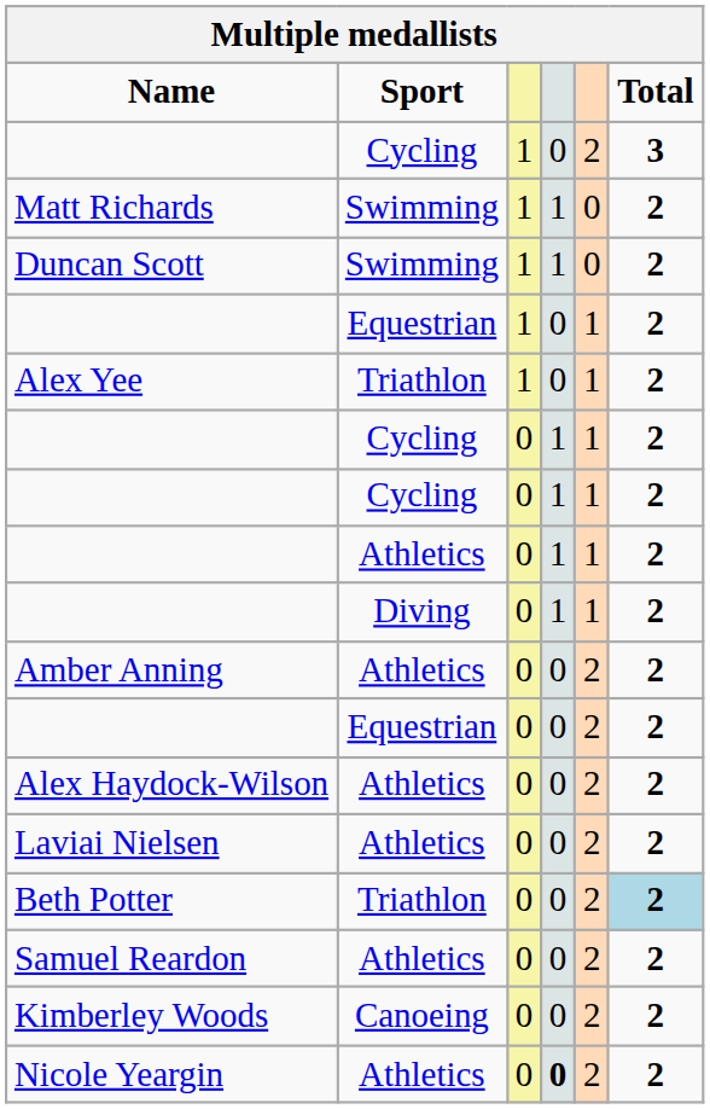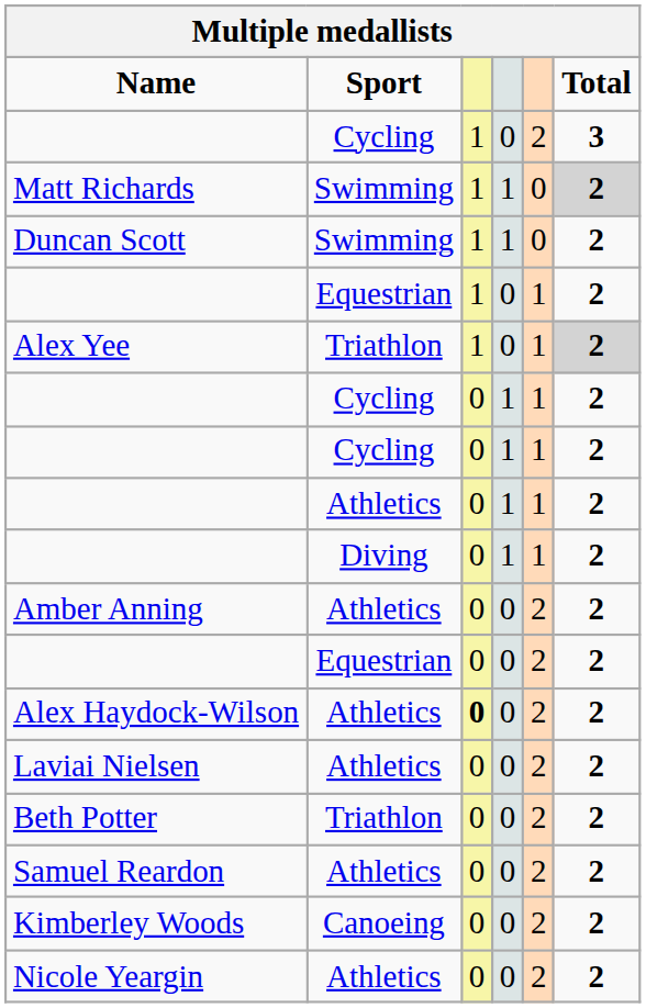 <table class="wikitable" style="font-size:85%">
 <tr style="background:#efefef;">
 <th colspan=7>Multiple medallists</th>
 </tr>
 <tr align=center>
 <td><strong>Name</strong></td>
 <td><strong>Sport</strong></td>
 <td bgcolor=#F7F6A8></td>
 <td bgcolor=#DCE5E5></td>
 <td bgcolor=#FFDAB9></td>
 <td><strong>Total</strong></td>
 </tr>
 <tr align=center>
 <td align=left></td>
 <td><a href='#'>Cycling</a></td>
 <td style="background:#F7F6A8;">1</td>
 <td style="background:#DCE5E5;">0</td>
 <td style="background:#FFDAB9;">2</td>
 <td><strong>3</strong></td>
 </tr>
 <tr align=center>
 <td align=left><a href='#'>Matt Richards</a></td>
 <td><a href='#'>Swimming</a></td>
 <td style="background:#F7F6A8;">1</td>
 <td style="background:#DCE5E5;">1</td>
 <td style="background:#FFDAB9;">0</td>
-<td><strong>2</strong></td>
+<td style="background: lightgrey;"><strong>2</strong></td>
 </tr>
 <tr align=center>
 <td align=left><a href='#'>Duncan Scott</a></td>
 <td><a href='#'>Swimming</a></td>
 <td style="background:#F7F6A8;">1</td>
 <td style="background:#DCE5E5;">1</td>
 <td style="background:#FFDAB9;">0</td>
 <td><strong>2</strong></td>
 </tr>
 <tr align=center>
 <td align=left></td>
 <td><a href='#'>Equestrian</a></td>
 <td style="background:#F7F6A8;">1</td>
 <td style="background:#DCE5E5;">0</td>
 <td style="background:#FFDAB9;">1</td>
 <td><strong>2</strong></td>
 </tr>
 <tr align=center>
 <td align=left><a href='#'>Alex Yee</a></td>
 <td><a href='#'>Triathlon</a></td>
 <td style="background:#F7F6A8;">1</td>
 <td style="background:#DCE5E5;">0</td>
 <td style="background:#FFDAB9;">1</td>
-<td><strong>2</strong></td>
+<td style="background: lightgrey;"><strong>2</strong></td>
 </tr>
 <tr align=center>
 <td align=left></td>
 <td><a href='#'>Cycling</a></td>
 <td style="background:#F7F6A8;">0</td>
 <td style="background:#DCE5E5;">1</td>
 <td style="background:#FFDAB9;">1</td>
 <td><strong>2</strong></td>
 </tr>
 <tr align=center>
 <td align=left></td>
 <td><a href='#'>Cycling</a></td>
 <td style="background:#F7F6A8;">0</td>
 <td style="background:#DCE5E5;">1</td>
 <td style="background:#FFDAB9;">1</td>
 <td><strong>2</strong></td>
 </tr>
 <tr align=center>
 <td align=left></td>
 <td><a href='#'>Athletics</a></td>
 <td style="background:#F7F6A8;">0</td>
 <td style="background:#DCE5E5;">1</td>
 <td style="background:#FFDAB9;">1</td>
 <td><strong>2</strong></td>
 </tr>
 <tr align=center>
 <td align=left></td>
 <td><a href='#'>Diving</a></td>
 <td style="background:#F7F6A8;">0</td>
 <td style="background:#DCE5E5;">1</td>
 <td style="background:#FFDAB9;">1</td>
 <td><strong>2</strong></td>
 </tr>
 <tr align=center>
 <td align=left><a href='#'>Amber Anning</a></td>
 <td><a href='#'>Athletics</a></td>
 <td style="background:#F7F6A8;">0</td>
 <td style="background:#DCE5E5;">0</td>
 <td style="background:#FFDAB9;">2</td>
 <td><strong>2</strong></td>
 </tr>
 <tr align=center>
 <td align=left></td>
 <td><a href='#'>Equestrian</a></td>
 <td style="background:#F7F6A8;">0</td>
 <td style="background:#DCE5E5;">0</td>
 <td style="background:#FFDAB9;">2</td>
 <td><strong>2</strong></td>
 </tr>
 <tr align=center>
 <td align=left><a href='#'>Alex Haydock-Wilson</a></td>
 <td><a href='#'>Athletics</a></td>
-<td style="background:#F7F6A8;">0</td>
+<td style="background:#F7F6A8;"><strong>0</strong></td>
 <td style="background:#DCE5E5;">0</td>
 <td style="background:#FFDAB9;">2</td>
 <td><strong>2</strong></td>
 </tr>
 <tr align=center>
 <td align=left><a href='#'>Laviai Nielsen</a></td>
 <td><a href='#'>Athletics</a></td>
 <td style="background:#F7F6A8;">0</td>
 <td style="background:#DCE5E5;">0</td>
 <td style="background:#FFDAB9;">2</td>
 <td><strong>2</strong></td>
 </tr>
 <tr align=center>
 <td align=left><a href='#'>Beth Potter</a></td>
 <td><a href='#'>Triathlon</a></td>
 <td style="background:#F7F6A8;">0</td>
 <td style="background:#DCE5E5;">0</td>
 <td style="background:#FFDAB9;">2</td>
-<td style="background: lightblue;"><strong>2</strong></td>
+<td><strong>2</strong></td>
 </tr>
 <tr align=center>
 <td align=left><a href='#'>Samuel Reardon</a></td>
 <td><a href='#'>Athletics</a></td>
 <td style="background:#F7F6A8;">0</td>
 <td style="background:#DCE5E5;">0</td>
 <td style="background:#FFDAB9;">2</td>
 <td><strong>2</strong></td>
 </tr>
 <tr align=center>
 <td align=left><a href='#'>Kimberley Woods</a></td>
 <td><a href='#'>Canoeing</a></td>
 <td style="background:#F7F6A8;">0</td>
 <td style="background:#DCE5E5;">0</td>
 <td style="background:#FFDAB9;">2</td>
 <td><strong>2</strong></td>
 </tr>
 <tr align=center>
 <td align=left><a href='#'>Nicole Yeargin</a></td>
 <td><a href='#'>Athletics</a></td>
 <td style="background:#F7F6A8;">0</td>
-<td style="background:#DCE5E5;"><strong>0</strong></td>
+<td style="background:#DCE5E5;">0</td>
 <td style="background:#FFDAB9;">2</td>
 <td><strong>2</strong></td>
 </tr>
 </table>
